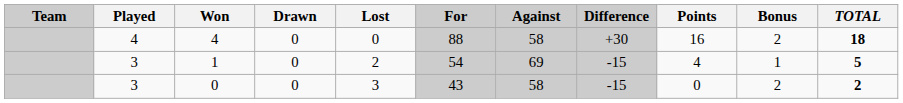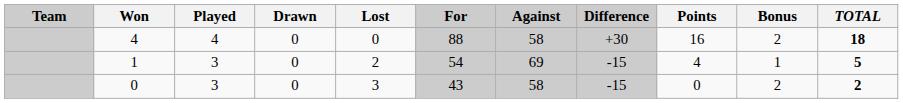 <table class="wikitable sortable" style="text-align: center;">
 <tr>
 <th style="background: #CCCCCC" width="90">Team</th>
+<th width="80">Won</th>
 <th width="80">Played</th>
-<th width="80">Won</th>
 <th width="80">Drawn</th>
 <th width="80">Lost</th>
 <th style="background: #CCCCCC" width="80">For</th>
 <th style="background: #CCCCCC" width="80">Against</th>
 <th style="background: #CCCCCC" width="80">Difference</th>
 <th width="80">Points</th>
 <th width="80">Bonus</th>
 <th width="80"><em>TOTAL</em></th>
 </tr>
 <tr>
 <td style="background: #CCCCCC" align="left"></td>
 <td>4</td>
 <td>4</td>
 <td>0</td>
 <td>0</td>
 <td style="background: #CCCCCC">88</td>
 <td style="background: #CCCCCC">58</td>
 <td style="background: #CCCCCC">+30</td>
 <td>16</td>
 <td>2</td>
 <td><strong>18</strong></td>
 </tr>
 <tr>
 <td style="background: #CCCCCC" align="left"></td>
+<td>1</td>
 <td>3</td>
-<td>1</td>
 <td>0</td>
 <td>2</td>
 <td style="background: #CCCCCC">54</td>
 <td style="background: #CCCCCC">69</td>
 <td style="background: #CCCCCC">-15</td>
 <td>4</td>
 <td>1</td>
 <td><strong>5</strong></td>
 </tr>
 <tr>
 <td style="background: #CCCCCC" align="left"></td>
+<td>0</td>
 <td>3</td>
-<td>0</td>
 <td>0</td>
 <td>3</td>
 <td style="background: #CCCCCC">43</td>
 <td style="background: #CCCCCC">58</td>
 <td style="background: #CCCCCC">-15</td>
 <td>0</td>
 <td>2</td>
 <td><strong>2</strong></td>
 </tr>
 </table>
